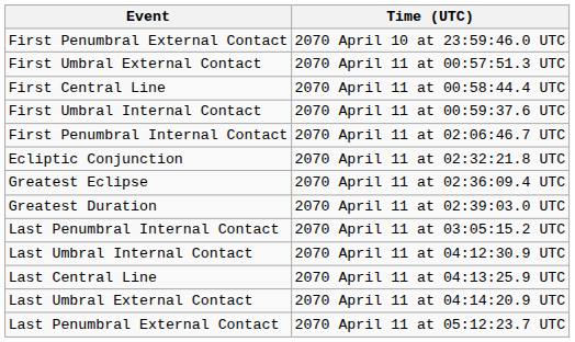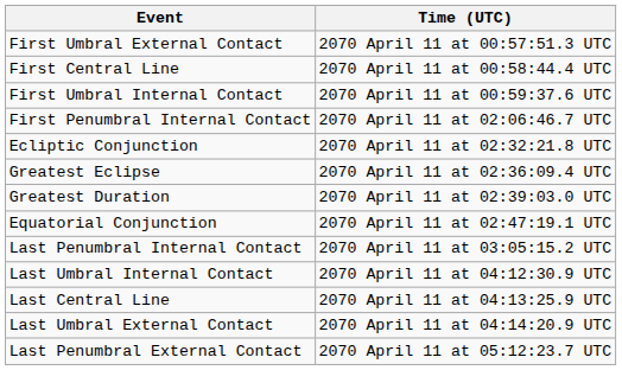 <table class="wikitable">
 <tr>
 <th>Event</th>
 <th>Time (UTC)</th>
-</tr>
-<tr>
-<td>First Penumbral External Contact</td>
-<td>2070 April 10 at 23:59:46.0 UTC</td>
 </tr>
 <tr>
 <td>First Umbral External Contact</td>
 <td>2070 April 11 at 00:57:51.3 UTC</td>
 </tr>
 <tr>
 <td>First Central Line</td>
 <td>2070 April 11 at 00:58:44.4 UTC</td>
 </tr>
 <tr>
 <td>First Umbral Internal Contact</td>
 <td>2070 April 11 at 00:59:37.6 UTC</td>
 </tr>
 <tr>
 <td>First Penumbral Internal Contact</td>
 <td>2070 April 11 at 02:06:46.7 UTC</td>
 </tr>
 <tr>
 <td>Ecliptic Conjunction</td>
 <td>2070 April 11 at 02:32:21.8 UTC</td>
 </tr>
 <tr>
 <td>Greatest Eclipse</td>
 <td>2070 April 11 at 02:36:09.4 UTC</td>
 </tr>
 <tr>
 <td>Greatest Duration</td>
 <td>2070 April 11 at 02:39:03.0 UTC</td>
 </tr>
 <tr>
+<td>Equatorial Conjunction</td>
+<td>2070 April 11 at 02:47:19.1 UTC</td>
+</tr>
+<tr>
 <td>Last Penumbral Internal Contact</td>
 <td>2070 April 11 at 03:05:15.2 UTC</td>
 </tr>
 <tr>
 <td>Last Umbral Internal Contact</td>
 <td>2070 April 11 at 04:12:30.9 UTC</td>
 </tr>
 <tr>
 <td>Last Central Line</td>
 <td>2070 April 11 at 04:13:25.9 UTC</td>
 </tr>
 <tr>
 <td>Last Umbral External Contact</td>
 <td>2070 April 11 at 04:14:20.9 UTC</td>
 </tr>
 <tr>
 <td>Last Penumbral External Contact</td>
 <td>2070 April 11 at 05:12:23.7 UTC</td>
 </tr>
 </table>
